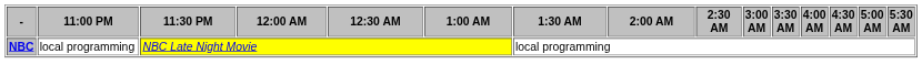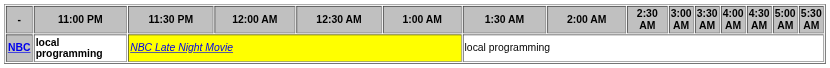 <table border="1" cellpadding="2">
 <tr>
 <th bgcolor="#C0C0C0">-</th>
 <th width="13%" bgcolor="#C0C0C0">11:00 PM</th>
 <th width="14%" bgcolor="#C0C0C0">11:30 PM</th>
 <th width="13%" bgcolor="#C0C0C0">12:00 AM</th>
 <th width="14%" bgcolor="#C0C0C0">12:30 AM</th>
 <th width="13%" bgcolor="#C0C0C0">1:00 AM</th>
 <th width="14%" bgcolor="#C0C0C0">1:30 AM</th>
 <th width="13%" bgcolor="#C0C0C0">2:00 AM</th>
 <th width="14%" bgcolor="#C0C0C0">2:30 AM</th>
 <th width="13%" bgcolor="#C0C0C0">3:00 AM</th>
 <th width="14%" bgcolor="#C0C0C0">3:30 AM</th>
 <th width="13%" bgcolor="#C0C0C0">4:00 AM</th>
 <th width="14%" bgcolor="#C0C0C0">4:30 AM</th>
 <th width="13%" bgcolor="#C0C0C0">5:00 AM</th>
 <th width="14%" bgcolor="#C0C0C0">5:30 AM</th>
 </tr>
 <tr>
 <th bgcolor="#C0C0C0"><a href='#'>NBC</a></th>
-<td bgcolor="white">local programming</td>
+<td bgcolor="white"><strong>local programming</strong></td>
 <td bgcolor="yellow" colspan="4"><a href='#'><em>NBC Late Night Movie</em></a></td>
 <td bgcolor="white" colspan="9">local programming</td>
 </tr>
 </table>
